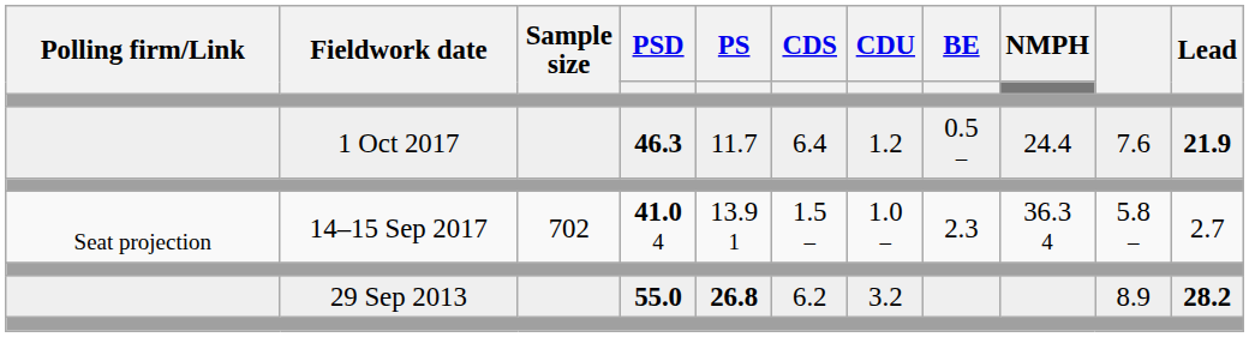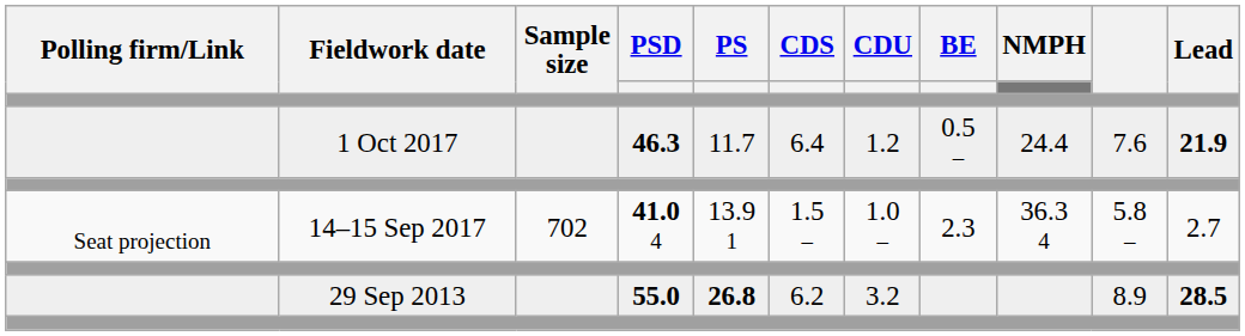 <table class="wikitable collapsible sortable" style="text-align:center; font-size:95%; line-height:16px;">
 <tr style="height:42px;">
 <th style="width:145px;" rowspan="2">Polling firm/Link</th>
 <th style="width:125px;" rowspan="2">Fieldwork date</th>
 <th class="unsortable" style="width:50px;" rowspan="2">Sample size</th>
 <th class="unsortable" style="width:35px;"><a href='#'>PSD</a></th>
 <th class="unsortable" style="width:35px;"><a href='#'>PS</a></th>
 <th class="unsortable" style="width:35px;"><a href='#'>CDS</a></th>
 <th class="unsortable" style="width:35px;"><a href='#'>CDU</a></th>
 <th class="unsortable" style="width:35px;"><a href='#'>BE</a></th>
 <th class="unsortable" style="width:35px;">NMPH</th>
 <th class="unsortable" style="width:35px;" rowspan="2"></th>
 <th class="unsortable" style="width:30px;" rowspan="2">Lead</th>
 </tr>
 <tr>
 <th class="unsortable" style="color:inherit;background:"></th>
 <th class="unsortable" style="color:inherit;background:"></th>
 <th class="unsortable" style="color:inherit;background:"></th>
 <th class="unsortable" style="color:inherit;background:"></th>
 <th class="unsortable" style="color:inherit;background:"></th>
 <th class="unsortable" style="color:inherit;background:#777777;"></th>
 </tr>
 <tr>
 <td colspan="11" style="background:#A0A0A0"></td>
 </tr>
 <tr style="background:#EFEFEF;">
 <td><strong></strong></td>
 <td data-sort-value="2019-10-06">1 Oct 2017</td>
 <td></td>
 <td><strong>46.3</strong><br></td>
 <td>11.7<br></td>
 <td>6.4<br></td>
 <td>1.2<br></td>
 <td align="center">0.5<br><small>–</small></td>
 <td>24.4<br></td>
 <td>7.6<br></td>
 <td style="background:"><strong>21.9</strong></td>
 </tr>
 <tr>
 <td colspan="11" style="background:#A0A0A0"></td>
 </tr>
 <tr>
 <td align="center"><br><small>Seat projection</small></td>
 <td align="center">14–15 Sep 2017</td>
 <td>702</td>
 <td align="center" ><strong>41.0</strong><br><small>4</small></td>
 <td align="center">13.9<br><small>1</small></td>
 <td align="center">1.5<br><small>–</small></td>
 <td align="center">1.0<br><small>–</small></td>
 <td>2.3<br></td>
 <td align="center">36.3<br><small>4</small></td>
 <td align="center">5.8<br><small>–</small></td>
 <td style="background:">2.7</td>
 </tr>
 <tr>
 </tr>
 <tr>
 <td colspan="11" style="background:#A0A0A0"></td>
 </tr>
 <tr style="background:#EFEFEF;">
 <td><strong></strong></td>
 <td data-sort-value="2019-10-06">29 Sep 2013</td>
 <td></td>
 <td><strong>55.0</strong><br></td>
 <td><strong>26.8<br></strong></td>
 <td>6.2<br></td>
 <td>3.2<br></td>
 <td></td>
 <td></td>
 <td>8.9</td>
-<td style="background:"><strong>28.2</strong></td>
+<td style="background:"><strong>28.5</strong></td>
 </tr>
 <tr>
 <td colspan="11" style="background:#A0A0A0"></td>
 </tr>
 </table>
